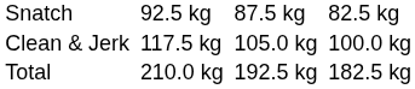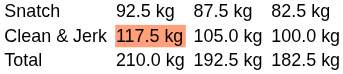 <table>
 <tr>
 <td>Snatch</td>
 <td></td>
 <td>92.5 kg</td>
 <td></td>
 <td>87.5 kg</td>
 <td></td>
 <td>82.5 kg</td>
 </tr>
 <tr>
 <td>Clean & Jerk</td>
 <td></td>
-<td>117.5 kg</td>
+<td style="background: lightsalmon;">117.5 kg</td>
 <td></td>
 <td>105.0 kg</td>
 <td></td>
 <td>100.0 kg</td>
 </tr>
 <tr>
 <td>Total</td>
 <td></td>
 <td>210.0 kg</td>
 <td></td>
 <td>192.5 kg</td>
 <td></td>
 <td>182.5 kg</td>
 </tr>
 </table>
